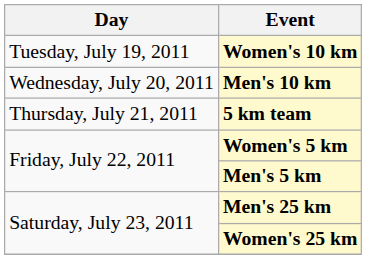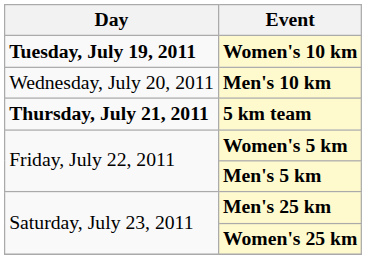 <table class="wikitable">
 <tr>
 <th>Day</th>
 <th>Event</th>
 </tr>
 <tr>
-<td>Tuesday, July 19, 2011</td>
+<td><strong>Tuesday, July 19, 2011</strong></td>
 <td style="background:lemonchiffon"><strong>Women's 10 km</strong></td>
 </tr>
 <tr>
 <td>Wednesday, July 20, 2011</td>
 <td style="background:lemonchiffon"><strong>Men's 10 km</strong></td>
 </tr>
 <tr>
-<td>Thursday, July 21, 2011</td>
+<td><strong>Thursday, July 21, 2011</strong></td>
 <td style="background:lemonchiffon"><strong>5 km team</strong></td>
 </tr>
 <tr>
 <td rowspan="2">Friday, July 22, 2011</td>
 <td style="background:lemonchiffon"><strong>Women's 5 km</strong></td>
 </tr>
 <tr>
 <td style="background:lemonchiffon"><strong>Men's 5 km</strong></td>
 </tr>
 <tr>
 <td rowspan="2">Saturday, July 23, 2011</td>
 <td style="background:lemonchiffon"><strong>Men's 25 km</strong></td>
 </tr>
 <tr>
 <td style="background:lemonchiffon"><strong>Women's 25 km</strong></td>
 </tr>
 <tr>
 </tr>
 </table>
